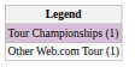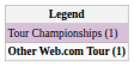 <table class="wikitable" style="font-size:95%;">
 <tr>
 <th>Legend</th>
 </tr>
 <tr style="background:thistle;">
 <td>Tour Championships (1)</td>
 </tr>
 <tr>
-<td>Other Web.com Tour (1)</td>
+<td><strong>Other Web.com Tour (1)</strong></td>
 </tr>
 </table>
